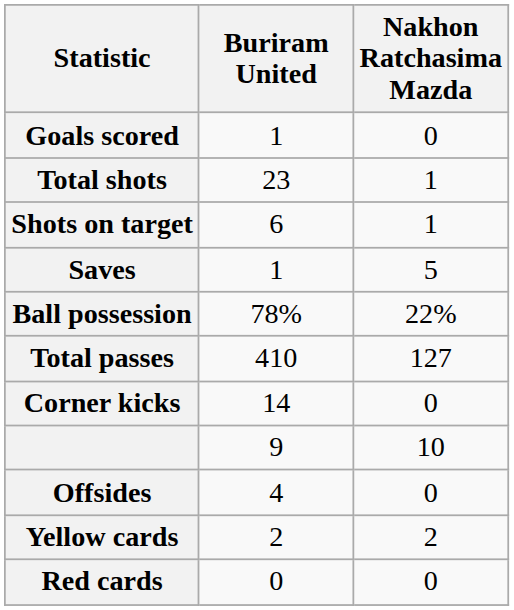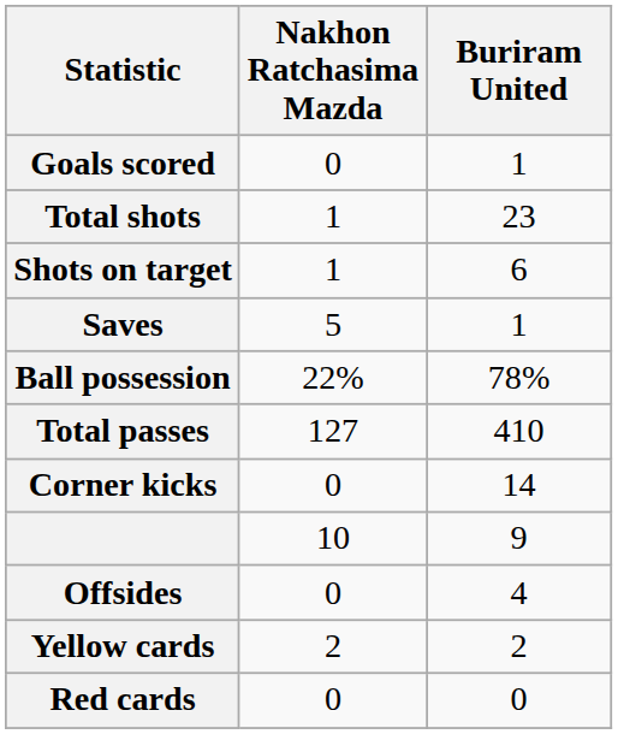 <table class="wikitable plainrowheaders" style="text-align:center">
 <tr>
 <th scope="col">Statistic</th>
+<th scope="col" style="width:80px">Nakhon Ratchasima Mazda</th>
 <th scope="col" style="width:80px">Buriram United</th>
-<th scope="col" style="width:80px">Nakhon Ratchasima Mazda</th>
 </tr>
 <tr>
 <th scope=row>Goals scored</th>
+<td>0</td>
 <td>1</td>
-<td>0</td>
 </tr>
 <tr>
 <th scope=row>Total shots</th>
+<td>1</td>
 <td>23</td>
+</tr>
+<tr>
+<th scope=row>Shots on target</th>
+<td>1</td>
+<td>6</td>
+</tr>
+<tr>
+<th scope=row>Saves</th>
+<td>5</td>
 <td>1</td>
 </tr>
 <tr>
-<th scope=row>Shots on target</th>
-<td>6</td>
-<td>1</td>
-</tr>
-<tr>
-<th scope=row>Saves</th>
-<td>1</td>
-<td>5</td>
-</tr>
-<tr>
 <th scope=row>Ball possession</th>
+<td>22%</td>
 <td>78%</td>
-<td>22%</td>
 </tr>
 <tr>
 <th scope=row>Total passes</th>
+<td>127</td>
 <td>410</td>
-<td>127</td>
 </tr>
 <tr>
 <th scope=row>Corner kicks</th>
+<td>0</td>
 <td>14</td>
-<td>0</td>
 </tr>
 <tr>
 <th scope=row></th>
+<td>10</td>
 <td>9</td>
-<td>10</td>
 </tr>
 <tr>
 <th scope=row>Offsides</th>
+<td>0</td>
 <td>4</td>
-<td>0</td>
 </tr>
 <tr>
 <th scope=row>Yellow cards</th>
 <td>2</td>
 <td>2</td>
 </tr>
 <tr>
 <th scope=row>Red cards</th>
 <td>0</td>
 <td>0</td>
 </tr>
 </table>
